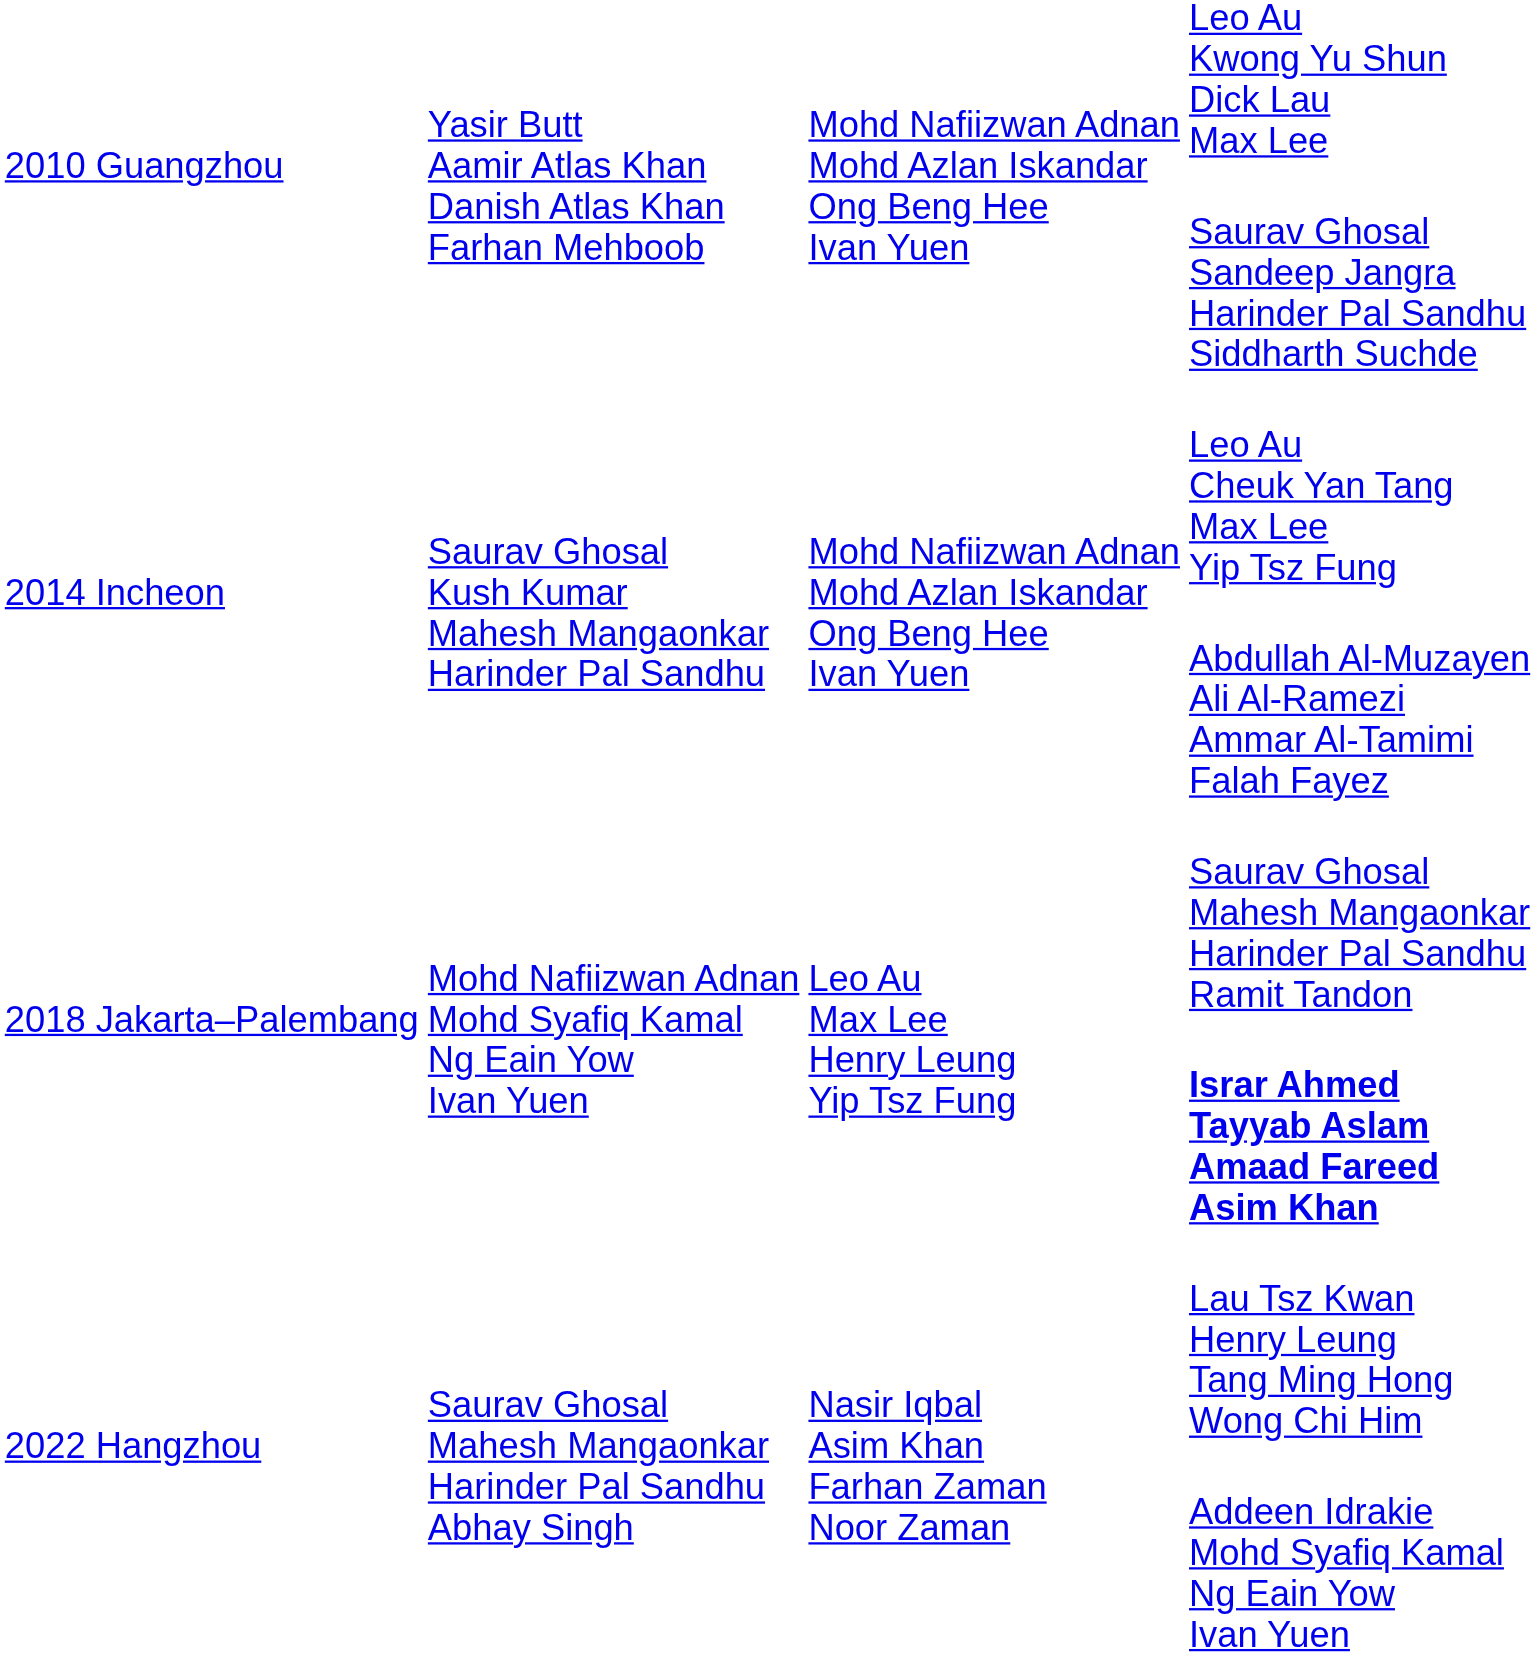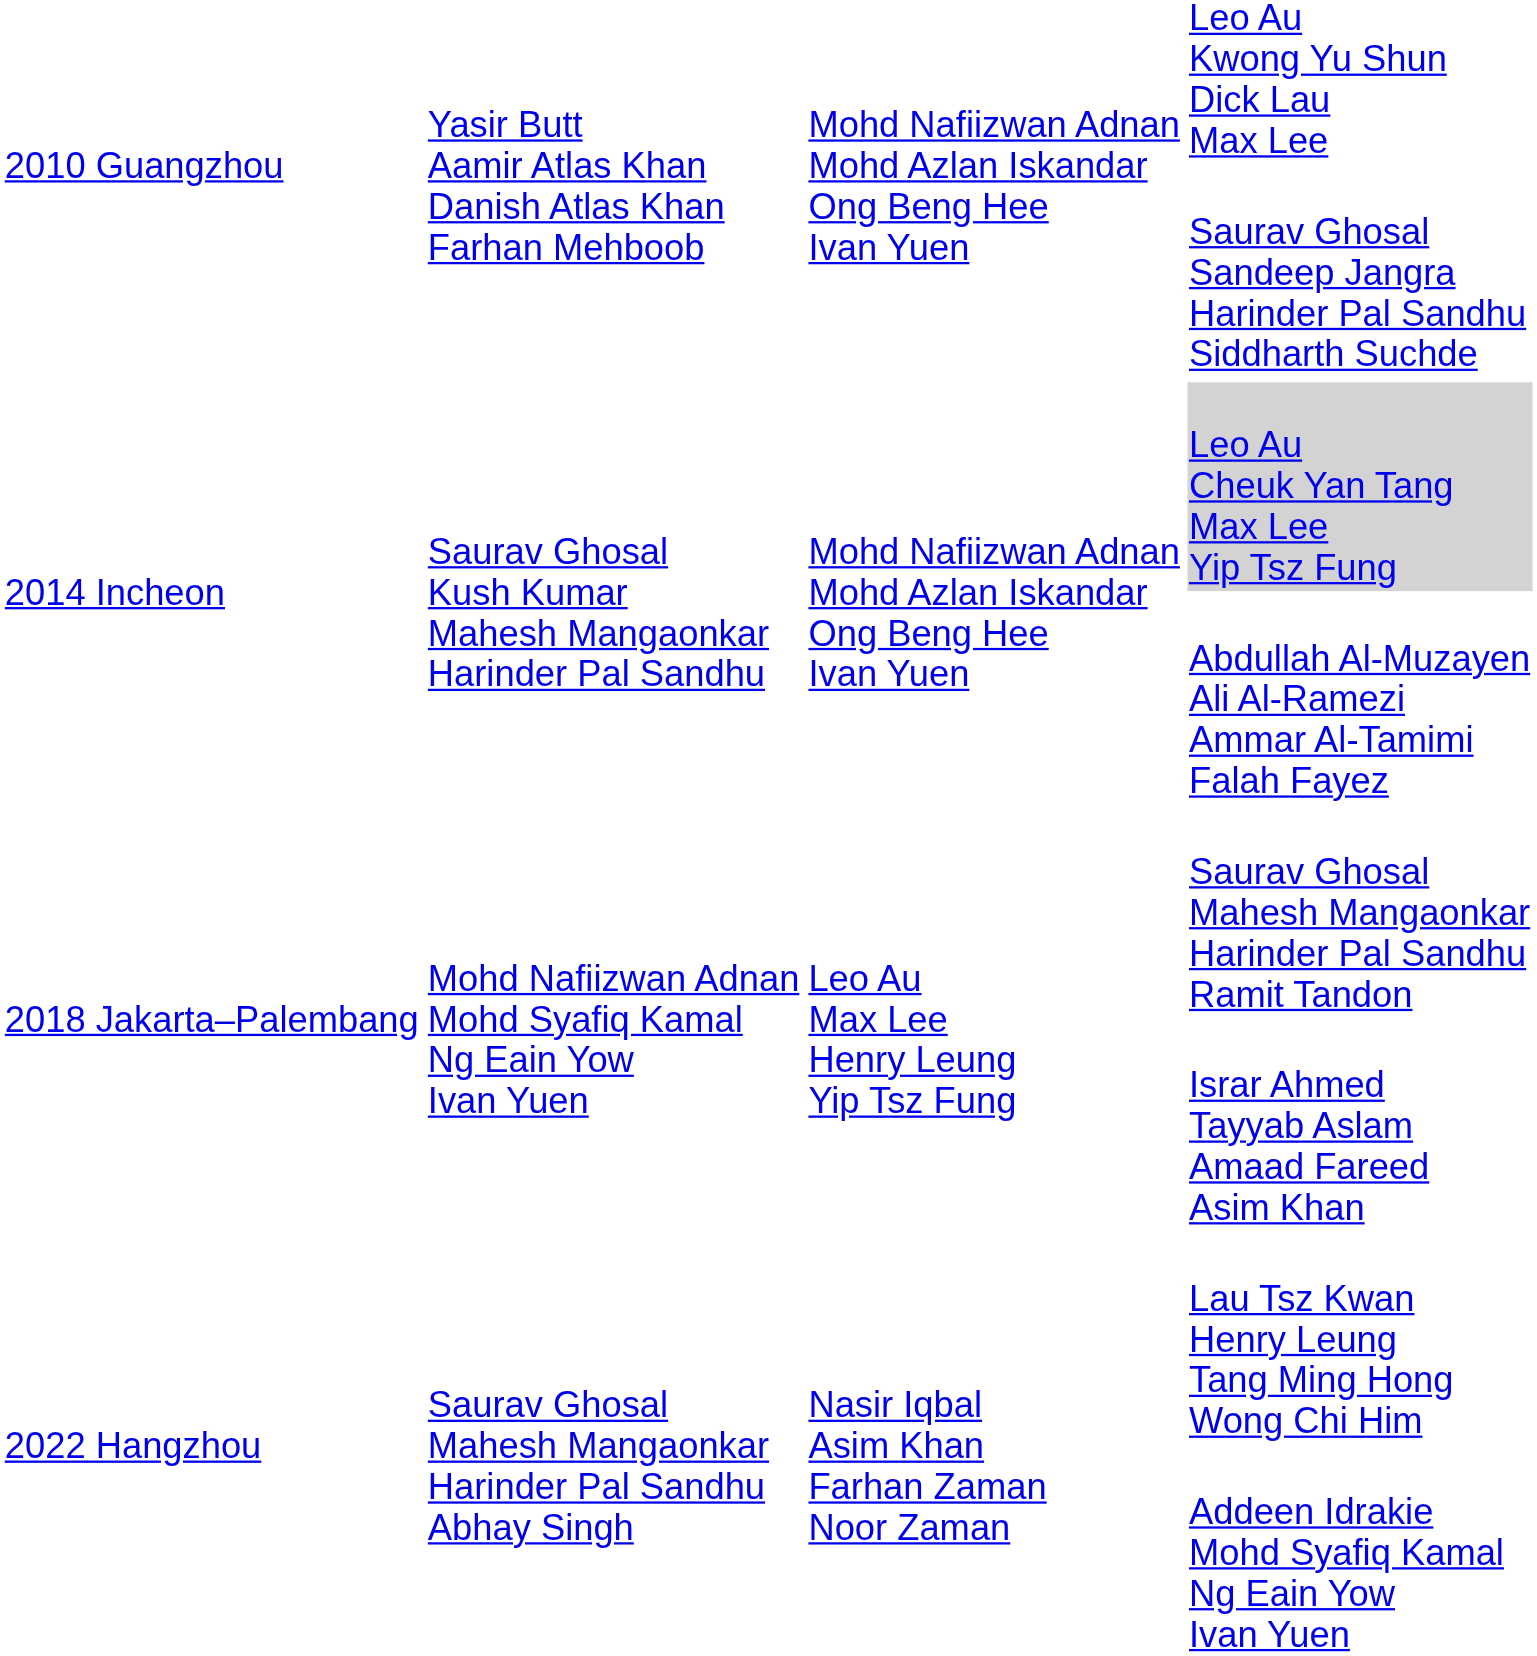 <table>
 <tr>
 <td rowspan=2><a href='#'>2010 Guangzhou</a></td>
 <td rowspan=2><br><a href='#'>Yasir Butt</a><br><a href='#'>Aamir Atlas Khan</a><br><a href='#'>Danish Atlas Khan</a><br><a href='#'>Farhan Mehboob</a></td>
 <td rowspan=2><br><a href='#'>Mohd Nafiizwan Adnan</a><br><a href='#'>Mohd Azlan Iskandar</a><br><a href='#'>Ong Beng Hee</a><br><a href='#'>Ivan Yuen</a></td>
 <td><br><a href='#'>Leo Au</a><br><a href='#'>Kwong Yu Shun</a><br><a href='#'>Dick Lau</a><br><a href='#'>Max Lee</a></td>
 </tr>
 <tr>
 <td><br><a href='#'>Saurav Ghosal</a><br><a href='#'>Sandeep Jangra</a><br><a href='#'>Harinder Pal Sandhu</a><br><a href='#'>Siddharth Suchde</a></td>
 </tr>
 <tr>
 <td rowspan=2><a href='#'>2014 Incheon</a></td>
 <td rowspan=2><br><a href='#'>Saurav Ghosal</a><br><a href='#'>Kush Kumar</a><br><a href='#'>Mahesh Mangaonkar</a><br><a href='#'>Harinder Pal Sandhu</a></td>
 <td rowspan=2><br><a href='#'>Mohd Nafiizwan Adnan</a><br><a href='#'>Mohd Azlan Iskandar</a><br><a href='#'>Ong Beng Hee</a><br><a href='#'>Ivan Yuen</a></td>
-<td><br><a href='#'>Leo Au</a><br><a href='#'>Cheuk Yan Tang</a><br><a href='#'>Max Lee</a><br><a href='#'>Yip Tsz Fung</a></td>
+<td style="background: lightgrey;"><br><a href='#'>Leo Au</a><br><a href='#'>Cheuk Yan Tang</a><br><a href='#'>Max Lee</a><br><a href='#'>Yip Tsz Fung</a></td>
 </tr>
 <tr>
 <td><br><a href='#'>Abdullah Al-Muzayen</a><br><a href='#'>Ali Al-Ramezi</a><br><a href='#'>Ammar Al-Tamimi</a><br><a href='#'>Falah Fayez</a></td>
 </tr>
 <tr>
 <td rowspan=2><a href='#'>2018 Jakarta–Palembang</a></td>
 <td rowspan=2><br><a href='#'>Mohd Nafiizwan Adnan</a><br><a href='#'>Mohd Syafiq Kamal</a><br><a href='#'>Ng Eain Yow</a><br><a href='#'>Ivan Yuen</a></td>
 <td rowspan=2><br><a href='#'>Leo Au</a><br><a href='#'>Max Lee</a><br><a href='#'>Henry Leung</a><br><a href='#'>Yip Tsz Fung</a></td>
 <td><br><a href='#'>Saurav Ghosal</a><br><a href='#'>Mahesh Mangaonkar</a><br><a href='#'>Harinder Pal Sandhu</a><br><a href='#'>Ramit Tandon</a></td>
 </tr>
 <tr>
-<td><strong><br><a href='#'>Israr Ahmed</a><br><a href='#'>Tayyab Aslam</a><br><a href='#'>Amaad Fareed</a><br><a href='#'>Asim Khan</a></strong></td>
+<td><br><a href='#'>Israr Ahmed</a><br><a href='#'>Tayyab Aslam</a><br><a href='#'>Amaad Fareed</a><br><a href='#'>Asim Khan</a></td>
 </tr>
 <tr>
 <td rowspan=2><a href='#'>2022 Hangzhou</a></td>
 <td rowspan=2><br><a href='#'>Saurav Ghosal</a><br><a href='#'>Mahesh Mangaonkar</a><br><a href='#'>Harinder Pal Sandhu</a><br><a href='#'>Abhay Singh</a></td>
 <td rowspan=2><br><a href='#'>Nasir Iqbal</a><br><a href='#'>Asim Khan</a><br><a href='#'>Farhan Zaman</a><br><a href='#'>Noor Zaman</a></td>
 <td><br><a href='#'>Lau Tsz Kwan</a><br><a href='#'>Henry Leung</a><br><a href='#'>Tang Ming Hong</a><br><a href='#'>Wong Chi Him</a></td>
 </tr>
 <tr>
 <td><br><a href='#'>Addeen Idrakie</a><br><a href='#'>Mohd Syafiq Kamal</a><br><a href='#'>Ng Eain Yow</a><br><a href='#'>Ivan Yuen</a></td>
 </tr>
 </table>
